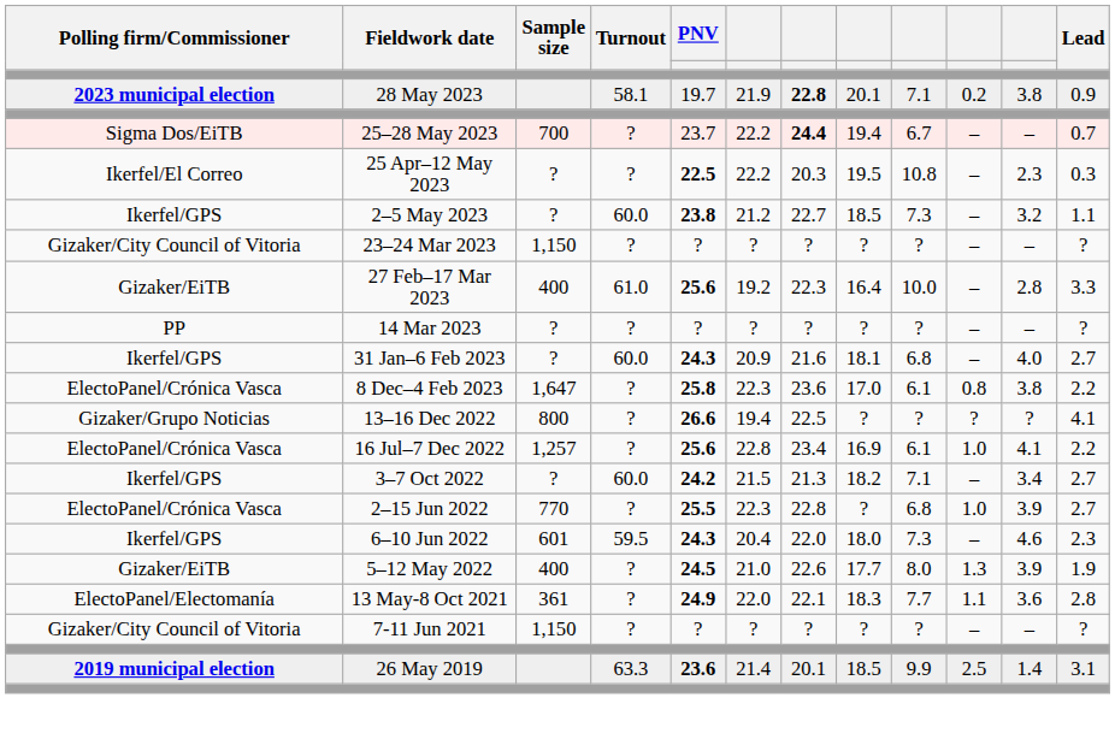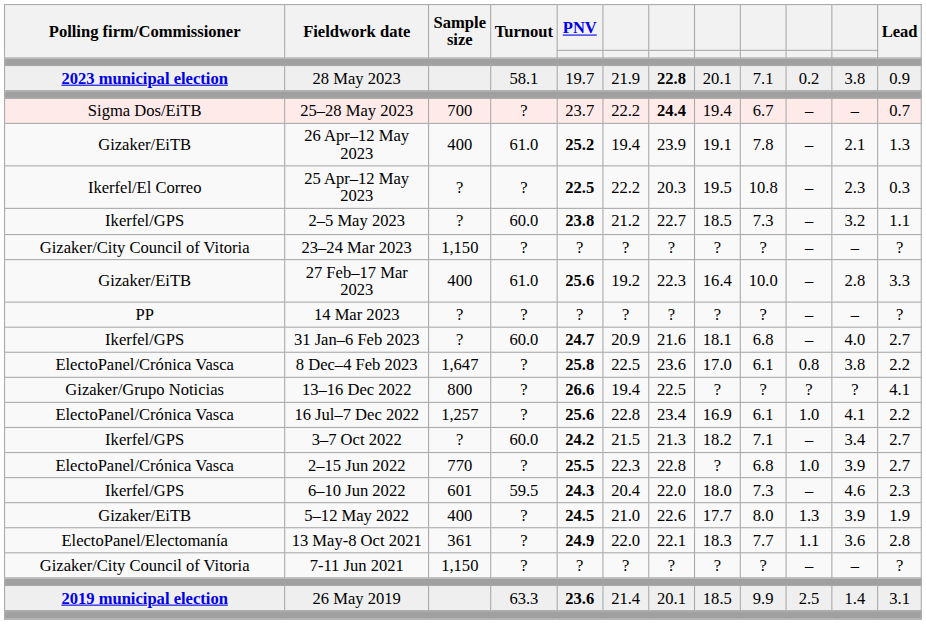 <table class="wikitable collapsible collapsed" style="text-align:center; font-size:95%; line-height:16px;">
 <tr style="height:42px;">
 <th style="width:250px;" rowspan="2">Polling firm/Commissioner</th>
 <th style="width:125px;" rowspan="2">Fieldwork date</th>
 <th style="width:50px;" rowspan="2">Sample size</th>
 <th style="width:45px;" rowspan="2">Turnout</th>
 <th style="width:35px;"><a href='#'>PNV</a></th>
 <th style="width:35px;"></th>
 <th style="width:35px;"></th>
 <th style="width:35px;"></th>
 <th style="width:35px;"></th>
 <th style="width:35px;"></th>
 <th style="width:35px;"></th>
 <th style="width:30px;" rowspan="2">Lead</th>
 </tr>
 <tr>
 <th style="color:inherit;background:"></th>
 <th style="color:inherit;background:"></th>
 <th style="color:inherit;background:"></th>
 <th style="color:inherit;background:"></th>
 <th style="color:inherit;background:"></th>
 <th style="color:inherit;background:"></th>
 <th style="color:inherit;background:"></th>
 </tr>
 <tr>
 <td colspan="12" style="background:#A0A0A0"></td>
 </tr>
 <tr style="background:#EFEFEF;">
 <td><strong><a href='#'>2023 municipal election</a></strong></td>
 <td>28 May 2023</td>
 <td></td>
 <td>58.1</td>
 <td>19.7<br></td>
 <td>21.9<br></td>
 <td><strong>22.8</strong><br></td>
 <td>20.1<br></td>
 <td>7.1<br></td>
 <td>0.2<br></td>
 <td>3.8<br></td>
 <td style="background:">0.9</td>
 </tr>
 <tr>
 <td colspan="12" style="background:#A0A0A0"></td>
 </tr>
 <tr style="background:#FFEAEA;">
 <td>Sigma Dos/EiTB</td>
 <td>25–28 May 2023</td>
 <td>700</td>
 <td>?</td>
 <td>23.7<br></td>
 <td>22.2<br></td>
 <td><strong>24.4</strong><br></td>
 <td>19.4<br></td>
 <td>6.7<br></td>
 <td>–</td>
 <td>–</td>
 <td style="background:">0.7</td>
+</tr>
+<tr>
+<td>Gizaker/EiTB</td>
+<td>26 Apr–12 May 2023</td>
+<td>400</td>
+<td>61.0</td>
+<td><strong>25.2</strong><br></td>
+<td>19.4<br></td>
+<td>23.9<br></td>
+<td>19.1<br></td>
+<td>7.8<br></td>
+<td>–</td>
+<td>2.1<br></td>
+<td style="background:">1.3</td>
 </tr>
 <tr>
 <td>Ikerfel/El Correo</td>
 <td>25 Apr–12 May 2023</td>
 <td>?</td>
 <td>?</td>
 <td><strong>22.5</strong><br></td>
 <td>22.2<br></td>
 <td>20.3<br></td>
 <td>19.5<br></td>
 <td>10.8<br></td>
 <td>–</td>
 <td>2.3<br></td>
 <td style="background:">0.3</td>
 </tr>
 <tr>
 <td>Ikerfel/GPS</td>
 <td>2–5 May 2023</td>
 <td>?</td>
 <td>60.0</td>
 <td><strong>23.8</strong><br></td>
 <td>21.2<br></td>
 <td>22.7<br></td>
 <td>18.5<br></td>
 <td>7.3<br></td>
 <td>–</td>
 <td>3.2<br></td>
 <td style="background:">1.1</td>
 </tr>
 <tr>
 <td>Gizaker/City Council of Vitoria</td>
 <td>23–24 Mar 2023</td>
 <td>1,150</td>
 <td>?</td>
 <td>?<br></td>
 <td>?<br></td>
 <td>?<br></td>
 <td>?<br></td>
 <td>?<br></td>
 <td>–</td>
 <td>–</td>
 <td style="background:">?</td>
 </tr>
 <tr>
 <td>Gizaker/EiTB</td>
 <td>27 Feb–17 Mar 2023</td>
 <td>400</td>
 <td>61.0</td>
 <td><strong>25.6</strong><br></td>
 <td>19.2<br></td>
 <td>22.3<br></td>
 <td>16.4<br></td>
 <td>10.0<br></td>
 <td>–</td>
 <td>2.8<br></td>
 <td style="background:">3.3</td>
 </tr>
 <tr>
 <td>PP</td>
 <td>14 Mar 2023</td>
 <td>?</td>
 <td>?</td>
 <td>?<br></td>
 <td>?<br></td>
 <td>?<br></td>
 <td>?<br></td>
 <td>?<br></td>
 <td>–</td>
 <td>–</td>
 <td style="background:">?</td>
 </tr>
 <tr>
 <td>Ikerfel/GPS</td>
 <td>31 Jan–6 Feb 2023</td>
 <td>?</td>
 <td>60.0</td>
-<td><strong>24.3</strong><br></td>
+<td><strong>24.7</strong><br></td>
 <td>20.9<br></td>
 <td>21.6<br></td>
 <td>18.1<br></td>
 <td>6.8<br></td>
 <td>–</td>
 <td>4.0<br></td>
 <td style="background:">2.7</td>
 </tr>
 <tr>
 <td>ElectoPanel/Crónica Vasca</td>
 <td>8 Dec–4 Feb 2023</td>
 <td>1,647</td>
 <td>?</td>
 <td><strong>25.8</strong><br></td>
-<td>22.3<br></td>
+<td>22.5<br></td>
 <td>23.6<br></td>
 <td>17.0<br></td>
 <td>6.1<br></td>
 <td>0.8<br></td>
 <td>3.8<br></td>
 <td style="background:">2.2</td>
 </tr>
 <tr>
 <td>Gizaker/Grupo Noticias</td>
 <td>13–16 Dec 2022</td>
 <td>800</td>
 <td>?</td>
 <td><strong>26.6</strong><br></td>
 <td>19.4<br></td>
 <td>22.5<br></td>
 <td>?<br></td>
 <td>?<br></td>
 <td>?<br></td>
 <td>?<br></td>
 <td style="background:">4.1</td>
 </tr>
 <tr>
 <td>ElectoPanel/Crónica Vasca</td>
 <td>16 Jul–7 Dec 2022</td>
 <td>1,257</td>
 <td>?</td>
 <td><strong>25.6</strong><br></td>
 <td>22.8<br></td>
 <td>23.4<br></td>
 <td>16.9<br></td>
 <td>6.1<br></td>
 <td>1.0<br></td>
 <td>4.1<br></td>
 <td style="background:">2.2</td>
 </tr>
 <tr>
 <td>Ikerfel/GPS</td>
 <td>3–7 Oct 2022</td>
 <td>?</td>
 <td>60.0</td>
 <td><strong>24.2</strong><br></td>
 <td>21.5<br></td>
 <td>21.3<br></td>
 <td>18.2<br></td>
 <td>7.1<br></td>
 <td>–</td>
 <td>3.4<br></td>
 <td style="background:">2.7</td>
 </tr>
 <tr>
 <td>ElectoPanel/Crónica Vasca</td>
 <td>2–15 Jun 2022</td>
 <td>770</td>
 <td>?</td>
 <td><strong>25.5</strong><br></td>
 <td>22.3<br></td>
 <td>22.8<br></td>
 <td>?<br></td>
 <td>6.8<br></td>
 <td>1.0<br></td>
 <td>3.9<br></td>
 <td style="background:">2.7</td>
 </tr>
 <tr>
 <td>Ikerfel/GPS</td>
 <td>6–10 Jun 2022</td>
 <td>601</td>
 <td>59.5</td>
 <td><strong>24.3</strong><br></td>
 <td>20.4<br></td>
 <td>22.0<br></td>
 <td>18.0<br></td>
 <td>7.3<br></td>
 <td>–</td>
 <td>4.6<br></td>
 <td style="background:">2.3</td>
 </tr>
 <tr>
 <td>Gizaker/EiTB</td>
 <td>5–12 May 2022</td>
 <td>400</td>
 <td>?</td>
 <td><strong>24.5</strong><br></td>
 <td>21.0<br></td>
 <td>22.6<br></td>
 <td>17.7<br></td>
 <td>8.0<br></td>
 <td>1.3<br></td>
 <td>3.9<br></td>
 <td style="background:">1.9</td>
 </tr>
 <tr>
 <td>ElectoPanel/Electomanía</td>
 <td>13 May-8 Oct 2021</td>
 <td>361</td>
 <td>?</td>
 <td><strong>24.9</strong><br></td>
 <td>22.0<br></td>
 <td>22.1<br></td>
 <td>18.3<br></td>
 <td>7.7<br></td>
 <td>1.1<br></td>
 <td>3.6<br></td>
 <td style="background:">2.8</td>
 </tr>
 <tr>
 <td>Gizaker/City Council of Vitoria</td>
 <td>7-11 Jun 2021</td>
 <td>1,150</td>
 <td>?</td>
 <td>?<br></td>
 <td>?<br></td>
 <td>?<br></td>
 <td>?<br></td>
 <td>?<br></td>
 <td>–</td>
 <td>–</td>
 <td style="background:">?</td>
 </tr>
 <tr>
 <td colspan="12" style="background:#A0A0A0"></td>
 </tr>
 <tr style="background:#EFEFEF;">
 <td><strong><a href='#'>2019 municipal election</a></strong></td>
 <td>26 May 2019</td>
 <td></td>
 <td>63.3</td>
 <td><strong>23.6</strong><br></td>
 <td>21.4<br></td>
 <td>20.1<br></td>
 <td>18.5<br></td>
 <td>9.9<br></td>
 <td>2.5<br></td>
 <td>1.4<br></td>
 <td style="background:">3.1</td>
 </tr>
 <tr>
 <td colspan="12" style="background:#A0A0A0"></td>
 </tr>
 </table>
